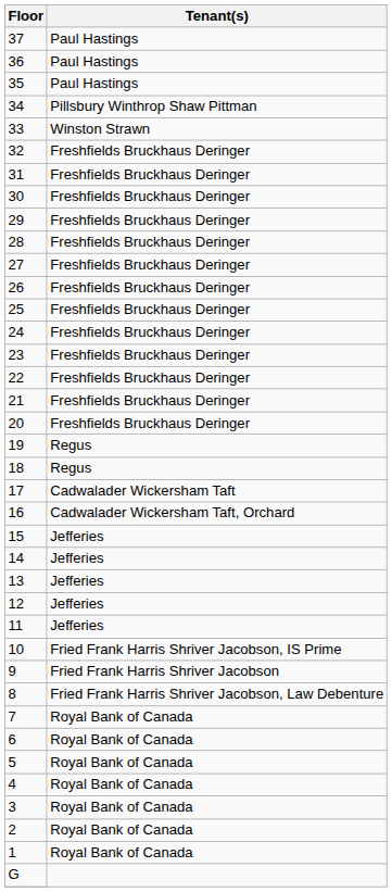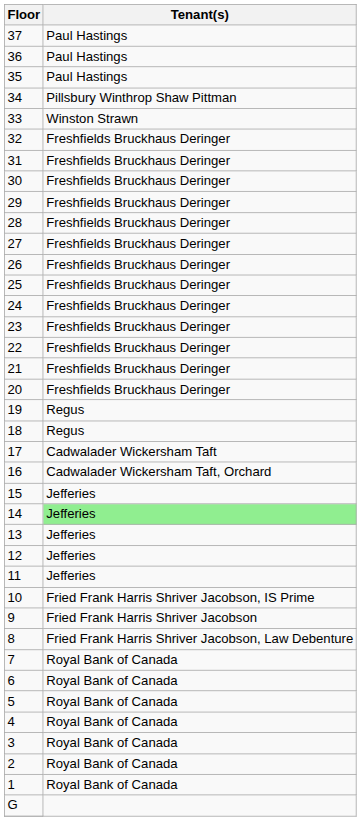 <table class="wikitable">
 <tr>
 <th>Floor</th>
 <th>Tenant(s)</th>
 </tr>
 <tr>
 <td>37</td>
 <td>Paul Hastings</td>
 </tr>
 <tr>
 <td>36</td>
 <td>Paul Hastings</td>
 </tr>
 <tr>
 <td>35</td>
 <td>Paul Hastings</td>
 </tr>
 <tr>
 <td>34</td>
 <td>Pillsbury Winthrop Shaw Pittman</td>
 </tr>
 <tr>
 <td>33</td>
 <td>Winston Strawn</td>
 </tr>
 <tr>
 <td>32</td>
 <td>Freshfields Bruckhaus Deringer</td>
 </tr>
 <tr>
 <td>31</td>
 <td>Freshfields Bruckhaus Deringer</td>
 </tr>
 <tr>
 <td>30</td>
 <td>Freshfields Bruckhaus Deringer</td>
 </tr>
 <tr>
 <td>29</td>
 <td>Freshfields Bruckhaus Deringer</td>
 </tr>
 <tr>
 <td>28</td>
 <td>Freshfields Bruckhaus Deringer</td>
 </tr>
 <tr>
 <td>27</td>
 <td>Freshfields Bruckhaus Deringer</td>
 </tr>
 <tr>
 <td>26</td>
 <td>Freshfields Bruckhaus Deringer</td>
 </tr>
 <tr>
 <td>25</td>
 <td>Freshfields Bruckhaus Deringer</td>
 </tr>
 <tr>
 <td>24</td>
 <td>Freshfields Bruckhaus Deringer</td>
 </tr>
 <tr>
 <td>23</td>
 <td>Freshfields Bruckhaus Deringer</td>
 </tr>
 <tr>
 <td>22</td>
 <td>Freshfields Bruckhaus Deringer</td>
 </tr>
 <tr>
 <td>21</td>
 <td>Freshfields Bruckhaus Deringer</td>
 </tr>
 <tr>
 <td>20</td>
 <td>Freshfields Bruckhaus Deringer</td>
 </tr>
 <tr>
 <td>19</td>
 <td>Regus</td>
 </tr>
 <tr>
 <td>18</td>
 <td>Regus</td>
 </tr>
 <tr>
 <td>17</td>
 <td>Cadwalader Wickersham Taft</td>
 </tr>
 <tr>
 <td>16</td>
 <td>Cadwalader Wickersham Taft, Orchard</td>
 </tr>
 <tr>
 <td>15</td>
 <td>Jefferies</td>
 </tr>
 <tr>
 <td>14</td>
-<td>Jefferies</td>
+<td style="background: lightgreen;">Jefferies</td>
 </tr>
 <tr>
 <td>13</td>
 <td>Jefferies</td>
 </tr>
 <tr>
 <td>12</td>
 <td>Jefferies</td>
 </tr>
 <tr>
 <td>11</td>
 <td>Jefferies</td>
 </tr>
 <tr>
 <td>10</td>
 <td>Fried Frank Harris Shriver Jacobson, IS Prime</td>
 </tr>
 <tr>
 <td>9</td>
 <td>Fried Frank Harris Shriver Jacobson</td>
 </tr>
 <tr>
 <td>8</td>
 <td>Fried Frank Harris Shriver Jacobson, Law Debenture</td>
 </tr>
 <tr>
 <td>7</td>
 <td>Royal Bank of Canada</td>
 </tr>
 <tr>
 <td>6</td>
 <td>Royal Bank of Canada</td>
 </tr>
 <tr>
 <td>5</td>
 <td>Royal Bank of Canada</td>
 </tr>
 <tr>
 <td>4</td>
 <td>Royal Bank of Canada</td>
 </tr>
 <tr>
 <td>3</td>
 <td>Royal Bank of Canada</td>
 </tr>
 <tr>
 <td>2</td>
 <td>Royal Bank of Canada</td>
 </tr>
 <tr>
 <td>1</td>
 <td>Royal Bank of Canada</td>
 </tr>
 <tr>
 <td>G</td>
 </tr>
 <tr>
 </tr>
 </table>
